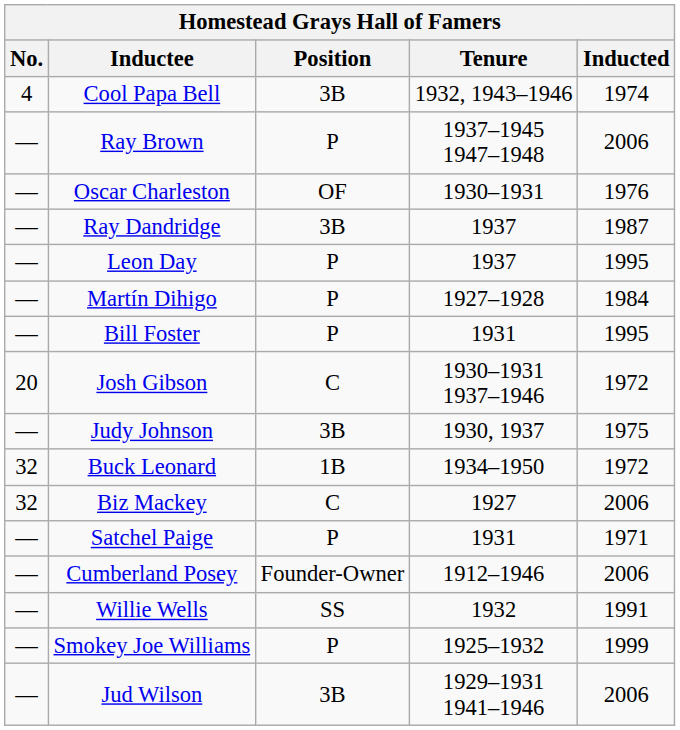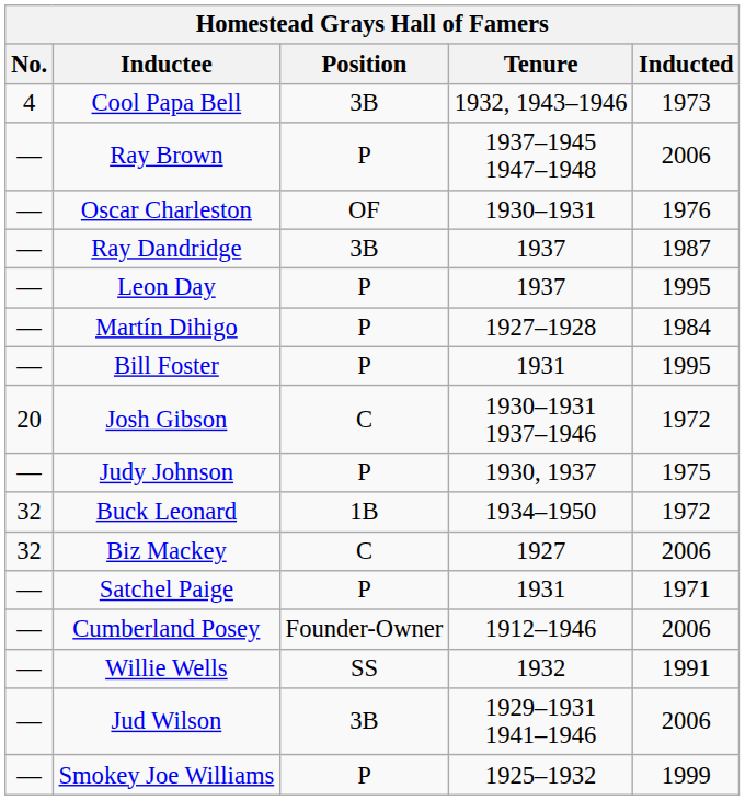 <table class="wikitable" style="text-align:center">
 <tr>
 <th colspan=5>Homestead Grays Hall of Famers</th>
 </tr>
 <tr>
 <th>No.</th>
 <th>Inductee</th>
 <th>Position</th>
 <th>Tenure</th>
 <th>Inducted</th>
 </tr>
 <tr>
 <td>4</td>
 <td><a href='#'>Cool Papa Bell</a></td>
 <td>3B</td>
 <td>1932, 1943–1946</td>
-<td>1974</td>
+<td>1973</td>
 </tr>
 <tr>
 <td>—</td>
 <td><a href='#'>Ray Brown</a></td>
 <td>P</td>
 <td>1937–1945<br>1947–1948</td>
 <td>2006</td>
 </tr>
 <tr>
 <td>—</td>
 <td><a href='#'>Oscar Charleston</a></td>
 <td>OF</td>
 <td>1930–1931</td>
 <td>1976</td>
 </tr>
 <tr>
 <td>—</td>
 <td><a href='#'>Ray Dandridge</a></td>
 <td>3B</td>
 <td>1937</td>
 <td>1987</td>
 </tr>
 <tr>
 <td>—</td>
 <td><a href='#'>Leon Day</a></td>
 <td>P</td>
 <td>1937</td>
 <td>1995</td>
 </tr>
 <tr>
 <td>—</td>
 <td><a href='#'>Martín Dihigo</a></td>
 <td>P</td>
 <td>1927–1928</td>
 <td>1984</td>
 </tr>
 <tr>
 <td>—</td>
 <td><a href='#'>Bill Foster</a></td>
 <td>P</td>
 <td>1931</td>
 <td>1995</td>
 </tr>
 <tr>
 <td>20</td>
 <td><a href='#'>Josh Gibson</a></td>
 <td>C</td>
 <td>1930–1931<br>1937–1946</td>
 <td>1972</td>
 </tr>
 <tr>
 <td>—</td>
 <td><a href='#'>Judy Johnson</a></td>
-<td>3B</td>
+<td>P</td>
 <td>1930, 1937</td>
 <td>1975</td>
 </tr>
 <tr>
 <td>32</td>
 <td><a href='#'>Buck Leonard</a></td>
 <td>1B</td>
 <td>1934–1950</td>
 <td>1972</td>
 </tr>
 <tr>
 <td>32</td>
 <td><a href='#'>Biz Mackey</a></td>
 <td>C</td>
 <td>1927</td>
 <td>2006</td>
 </tr>
 <tr>
 <td>—</td>
 <td><a href='#'>Satchel Paige</a></td>
 <td>P</td>
 <td>1931</td>
 <td>1971</td>
 </tr>
 <tr>
 <td>—</td>
 <td><a href='#'>Cumberland Posey</a></td>
 <td>Founder-Owner</td>
 <td>1912–1946</td>
 <td>2006</td>
 </tr>
 <tr>
 <td>—</td>
 <td><a href='#'>Willie Wells</a></td>
 <td>SS</td>
 <td>1932</td>
 <td>1991</td>
 </tr>
 <tr>
 <td>—</td>
+<td><a href='#'>Jud Wilson</a></td>
+<td>3B</td>
+<td>1929–1931<br>1941–1946</td>
+<td>2006</td>
+</tr>
+<tr>
+<td>—</td>
 <td><a href='#'>Smokey Joe Williams</a></td>
 <td>P</td>
 <td>1925–1932</td>
 <td>1999</td>
 </tr>
-<tr>
-<td>—</td>
-<td><a href='#'>Jud Wilson</a></td>
-<td>3B</td>
-<td>1929–1931<br>1941–1946</td>
-<td>2006</td>
-</tr>
 </table>
